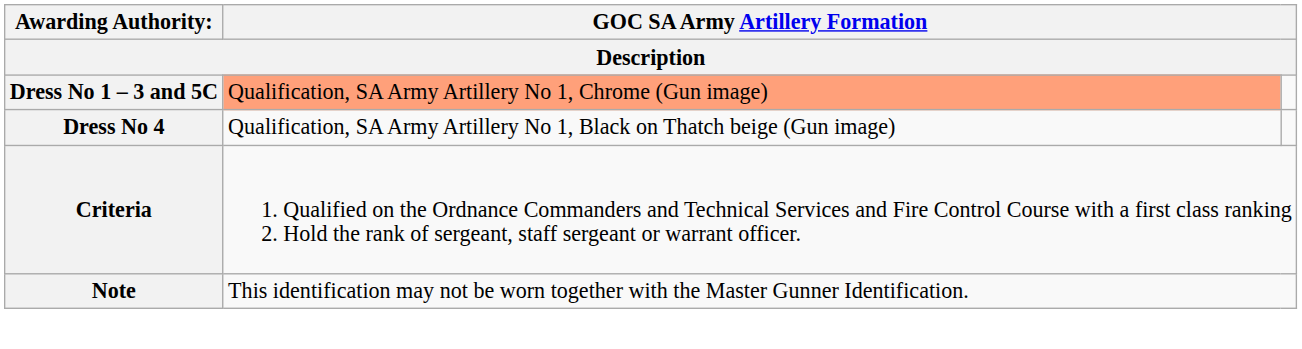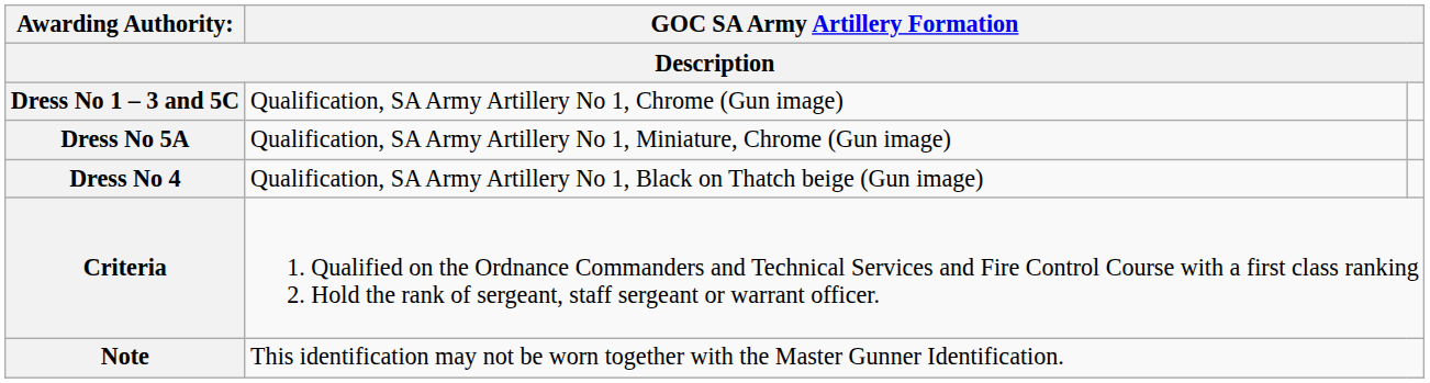 <table class=wikitable style="text-align: left;">
 <tr>
 <th><strong>Awarding Authority</strong>:</th>
 <th colspan="2">GOC SA Army <a href='#'>Artillery Formation</a></th>
 </tr>
 <tr>
 <th colspan="3">Description</th>
 </tr>
 <tr>
 <th>Dress No 1 – 3 and 5C</th>
-<td style="background: lightsalmon;">Qualification, SA Army Artillery No 1, Chrome (Gun image)</td>
+<td>Qualification, SA Army Artillery No 1, Chrome (Gun image)</td>
+<td></td>
+</tr>
+<tr>
+<th>Dress No 5A</th>
+<td>Qualification, SA Army Artillery No 1, Miniature, Chrome (Gun image)</td>
 <td></td>
 </tr>
 <tr>
 <th>Dress No 4</th>
 <td>Qualification, SA Army Artillery No 1, Black on Thatch beige (Gun image)</td>
 <td></td>
 </tr>
 <tr>
 <th>Criteria</th>
 <td colspan="2"><br><ol><li>Qualified on the Ordnance Commanders and Technical Services and Fire Control Course with a first class ranking</li><li>Hold the rank of sergeant, staff sergeant or warrant officer.</li></ol></td>
 </tr>
 <tr>
 <th>Note</th>
 <td colspan="2">This identification may not be worn together with the Master Gunner Identification.</td>
 </tr>
 </table>
